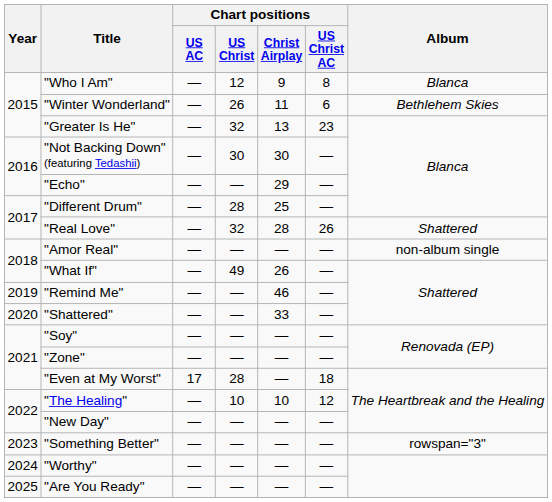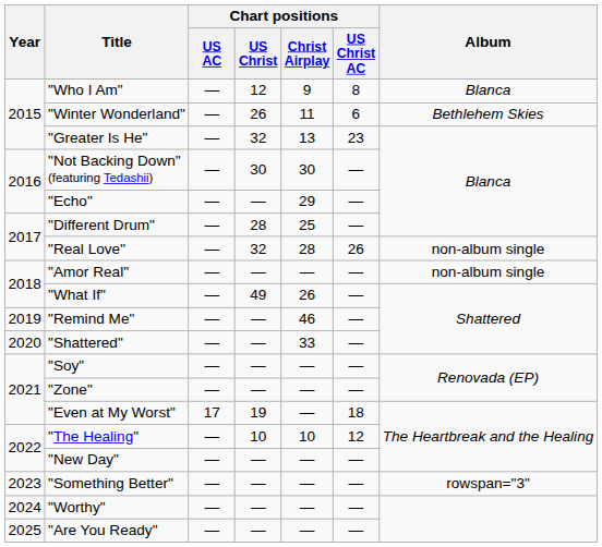 <table class="wikitable" style="text-align:center;">
 <tr>
 <th rowspan="2">Year</th>
 <th rowspan="2">Title</th>
 <th colspan="4">Chart positions</th>
 <th rowspan="2">Album</th>
 </tr>
 <tr>
 <th style="width:3em; font-size:90%"><a href='#'>US<br>AC</a><br></th>
 <th style="width:3em; font-size:90%"><a href='#'>US<br>Christ</a><br></th>
 <th style="width:3em; font-size:90%"><a href='#'>Christ<br>Airplay</a><br></th>
 <th style="width:3em; font-size:90%"><a href='#'>US<br>Christ AC</a><br></th>
 </tr>
 <tr>
 <td rowspan="3">2015</td>
 <td align="left">"Who I Am"</td>
 <td>—</td>
 <td>12</td>
 <td>9</td>
 <td>8</td>
 <td><em>Blanca</em></td>
 </tr>
 <tr>
 <td align="left">"Winter Wonderland"</td>
 <td>—</td>
 <td>26</td>
 <td>11</td>
 <td>6</td>
 <td><em>Bethlehem Skies</em></td>
 </tr>
 <tr>
 <td align="left">"Greater Is He"</td>
 <td>—</td>
 <td>32</td>
 <td>13</td>
 <td>23</td>
 <td rowspan="4"><em>Blanca</em></td>
 </tr>
 <tr>
 <td rowspan="2">2016</td>
 <td align="left">"Not Backing Down"<small><br>(featuring <a href='#'>Tedashii</a>)</small></td>
 <td>—</td>
 <td>30</td>
 <td>30</td>
 <td>—</td>
 </tr>
 <tr>
 <td align="left">"Echo"</td>
 <td>—</td>
 <td>—</td>
 <td>29</td>
 <td>—</td>
 </tr>
 <tr>
 <td rowspan="2">2017</td>
 <td align="left">"Different Drum"</td>
 <td>—</td>
 <td>28</td>
 <td>25</td>
 <td>—</td>
 </tr>
 <tr>
 <td align="left">"Real Love"</td>
 <td>—</td>
 <td>32</td>
 <td>28</td>
 <td>26</td>
-<td><em>Shattered</em></td>
+<td>non-album single</td>
 </tr>
 <tr>
 <td rowspan="2">2018</td>
 <td align="left">"Amor Real"</td>
 <td>—</td>
 <td>—</td>
 <td>—</td>
 <td>—</td>
 <td>non-album single</td>
 </tr>
 <tr>
 <td align="left">"What If"</td>
 <td>—</td>
 <td>49</td>
 <td>26</td>
 <td>—</td>
 <td rowspan="3"><em>Shattered</em></td>
 </tr>
 <tr>
 <td>2019</td>
 <td align="left">"Remind Me"</td>
 <td>—</td>
 <td>—</td>
 <td>46</td>
 <td>—</td>
 </tr>
 <tr>
 <td>2020</td>
 <td align="left">"Shattered"</td>
 <td>—</td>
 <td>—</td>
 <td>33</td>
 <td>—</td>
 </tr>
 <tr>
 <td rowspan="3">2021</td>
 <td align="left">"Soy"<br></td>
 <td>—</td>
 <td>—</td>
 <td>—</td>
 <td>—</td>
 <td rowspan="2"><em>Renovada (EP)</em></td>
 </tr>
 <tr>
 <td align="left">"Zone"<br></td>
 <td>—</td>
 <td>—</td>
 <td>—</td>
 <td>—</td>
 </tr>
 <tr>
 <td align="left">"Even at My Worst"</td>
 <td>17</td>
-<td>28</td>
+<td>19</td>
 <td>—</td>
 <td>18</td>
 <td rowspan="3"><em>The Heartbreak and the Healing</em></td>
 </tr>
 <tr>
 <td rowspan="2">2022</td>
 <td align="left">"<a href='#'>The Healing</a>"<br></td>
 <td>—</td>
 <td>10</td>
 <td>10</td>
 <td>12</td>
 </tr>
 <tr>
 <td align="left">"New Day"<br></td>
 <td>—</td>
 <td>—</td>
 <td>—</td>
 <td>—</td>
 </tr>
 <tr>
 <td>2023</td>
 <td align="left">"Something Better"<br></td>
 <td>—</td>
 <td>—</td>
 <td>—</td>
 <td>—</td>
 <td>rowspan="3" </td>
 </tr>
 <tr>
 <td>2024</td>
 <td align="left">"Worthy" </td>
 <td>—</td>
 <td>—</td>
 <td>—</td>
 <td>—</td>
 </tr>
 <tr>
 <td>2025</td>
 <td align="left">"Are You Ready"</td>
 <td>—</td>
 <td>—</td>
 <td>—</td>
 <td>—</td>
 </tr>
 </table>
